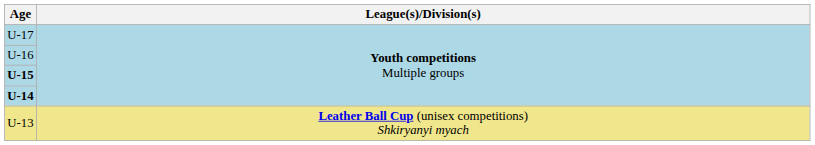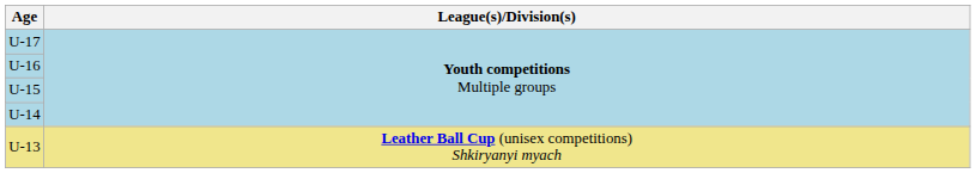 <table class="wikitable" style="text-align:center">
 <tr>
 <th style="width:4%">Age</th>
 <th colspan="2" style="width:96%">League(s)/Division(s)<br></th>
 </tr>
 <tr bgcolor=lightblue>
 <td>U-17</td>
 <td colspan="2" rowspan=4><strong>Youth competitions</strong><br>Multiple groups</td>
 </tr>
 <tr bgcolor=lightblue>
 <td>U-16</td>
 </tr>
 <tr bgcolor=lightblue>
-<td><strong>U-15</strong></td>
+<td>U-15</td>
 </tr>
 <tr bgcolor=lightblue>
-<td><strong>U-14</strong></td>
+<td>U-14</td>
 </tr>
 <tr bgcolor=khaki>
 <td>U-13</td>
 <td colspan="2"><strong><a href='#'>Leather Ball Cup</a></strong> (unisex competitions)<br><em>Shkiryanyi myach</em><br></td>
 </tr>
 </table>
